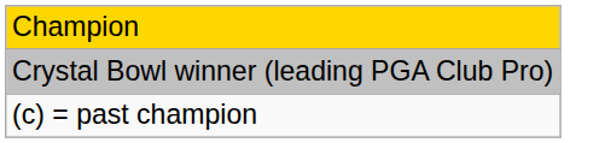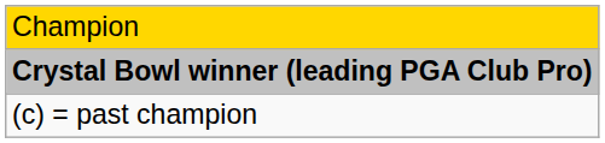 <table class="wikitable">
 <tr style="background:gold">
 <td>Champion</td>
 </tr>
 <tr style="background:silver">
-<td>Crystal Bowl winner (leading PGA Club Pro)</td>
+<td><strong>Crystal Bowl winner (leading PGA Club Pro)</strong></td>
 </tr>
 <tr>
 <td>(c) = past champion</td>
 </tr>
 </table>
